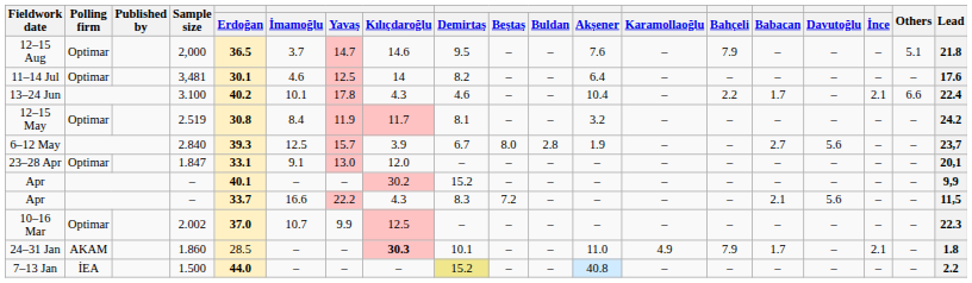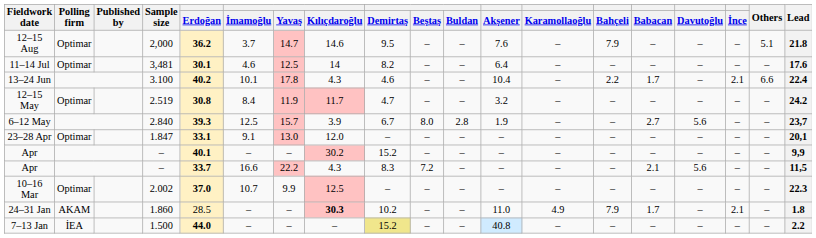 <table class="wikitable mw-datatable mw-collapsible" style="text-align:center; font-size:85%; line-height:14px;">
 <tr>
 <th rowspan="2">Fieldwork date</th>
 <th rowspan="2">Polling firm</th>
 <th rowspan="2">Published by</th>
 <th rowspan="2">Sample size</th>
 <th style="background:"></th>
 <th colspan="3" style="background:"></th>
 <th colspan="3" style="background:"></th>
 <th style="background:"></th>
 <th style="background:"></th>
 <th style="background:"></th>
 <th style="background:"></th>
 <th style="background:"></th>
 <th style="background:"></th>
 <th rowspan="2">Others</th>
 <th rowspan="2">Lead</th>
 </tr>
 <tr>
 <th><a href='#'>Erdoğan</a><br></th>
 <th><a href='#'>İmamoğlu</a><br></th>
 <th><a href='#'>Yavaş</a><br></th>
 <th><a href='#'>Kılıçdaroğlu</a><br></th>
 <th><a href='#'>Demirtaş</a><br></th>
 <th><a href='#'>Beştaş</a><br></th>
 <th><a href='#'>Buldan</a><br></th>
 <th><a href='#'>Akşener</a><br></th>
 <th><a href='#'>Karamollaoğlu</a><br></th>
 <th><a href='#'>Bahçeli</a><br></th>
 <th><a href='#'>Babacan</a><br></th>
 <th><a href='#'>Davutoğlu</a><br></th>
 <th><a href='#'>İnce</a><br></th>
 </tr>
 <tr>
 <td>12–15 Aug</td>
 <td>Optimar</td>
 <td></td>
 <td>2,000</td>
-<td style="background:#FFF1C4"><strong>36.5</strong></td>
+<td style="background:#FFF1C4"><strong>36.2</strong></td>
 <td>3.7</td>
 <td style="background:#FFC2C2">14.7</td>
 <td>14.6</td>
 <td>9.5</td>
 <td>–</td>
 <td>–</td>
 <td>7.6</td>
 <td>–</td>
 <td>7.9</td>
 <td>–</td>
 <td>–</td>
 <td>–</td>
 <td>5.1</td>
 <th style="background:">21.8</th>
 </tr>
 <tr>
 <td>11–14 Jul</td>
 <td>Optimar</td>
 <td></td>
 <td>3,481</td>
 <td style="background:#FFF1C4"><strong>30.1</strong></td>
 <td>4.6</td>
 <td style="background:#FFC2C2">12.5</td>
 <td>14</td>
 <td>8.2</td>
 <td>–</td>
 <td>–</td>
 <td>6.4</td>
 <td>–</td>
 <td>–</td>
 <td>–</td>
 <td>–</td>
 <td>–</td>
 <td>–</td>
 <th style="background:">17.6</th>
 </tr>
 <tr>
 <td>13–24 Jun</td>
 <td colspan="2"></td>
 <td>3.100</td>
 <td style="background:#FFF1C4"><strong>40.2</strong></td>
 <td>10.1</td>
 <td style="background:#FFC2C2">17.8</td>
 <td>4.3</td>
 <td>4.6</td>
 <td>–</td>
 <td>–</td>
 <td>10.4</td>
 <td>–</td>
 <td>2.2</td>
 <td>1.7</td>
 <td>–</td>
 <td>2.1</td>
 <td>6.6</td>
 <th style="background:">22.4</th>
 </tr>
 <tr>
 <td>12–15 May</td>
 <td>Optimar</td>
 <td></td>
 <td>2.519</td>
 <td style="background:#FFF1C4"><strong>30.8</strong></td>
 <td>8.4</td>
 <td style="background:#FFC2C2">11.9</td>
 <td style="background:#FFC2C2">11.7</td>
-<td>8.1</td>
+<td>4.7</td>
 <td>–</td>
 <td>–</td>
 <td>3.2</td>
 <td>–</td>
 <td>–</td>
 <td>–</td>
 <td>–</td>
 <td>–</td>
 <td>–</td>
 <th style="background:">24.2</th>
 </tr>
 <tr>
 <td>6–12 May</td>
 <td colspan="2"></td>
 <td>2.840</td>
 <td style="background:#FFF1C4"><strong>39.3</strong></td>
 <td>12.5</td>
 <td style="background:#FFC2C2">15.7</td>
 <td>3.9</td>
 <td>6.7</td>
 <td>8.0</td>
 <td>2.8</td>
 <td>1.9</td>
 <td>–</td>
 <td>–</td>
 <td>2.7</td>
 <td>5.6</td>
 <td>–</td>
 <td>–</td>
 <th style="background:">23,7</th>
 </tr>
 <tr>
 <td>23–28 Apr</td>
 <td>Optimar</td>
 <td></td>
 <td>1.847</td>
 <td style="background:#FFF1C4"><strong>33.1</strong></td>
 <td>9.1</td>
 <td style="background:#FFC2C2">13.0</td>
 <td>12.0</td>
 <td>–</td>
 <td>–</td>
 <td>–</td>
 <td>–</td>
 <td>–</td>
 <td>–</td>
 <td>–</td>
 <td>–</td>
 <td>–</td>
 <td>–</td>
 <th style="background:">20,1</th>
 </tr>
 <tr>
 <td>Apr</td>
 <td colspan="2"></td>
 <td>–</td>
 <td style="background:#FFF1C4"><strong>40.1</strong></td>
 <td>–</td>
 <td>–</td>
 <td style="background:#FFC2C2">30.2</td>
 <td>15.2</td>
 <td>–</td>
 <td>–</td>
 <td>–</td>
 <td>–</td>
 <td>–</td>
 <td>–</td>
 <td>–</td>
 <td>–</td>
 <td>–</td>
 <th style="background:">9,9</th>
 </tr>
 <tr>
 <td>Apr</td>
 <td colspan="2"></td>
 <td>–</td>
 <td style="background:#FFF1C4"><strong>33.7</strong></td>
 <td>16.6</td>
 <td style="background:#FFC2C2">22.2</td>
 <td>4.3</td>
 <td>8.3</td>
 <td>7.2</td>
 <td>–</td>
 <td>–</td>
 <td>–</td>
 <td>–</td>
 <td>2.1</td>
 <td>5.6</td>
 <td>–</td>
 <td>–</td>
 <th style="background:">11,5</th>
 </tr>
 <tr>
 <td>10–16 Mar</td>
 <td>Optimar</td>
 <td></td>
 <td>2.002</td>
 <td style="background:#FFF1C4"><strong>37.0</strong></td>
 <td>10.7</td>
 <td>9.9</td>
 <td style="background:#FFC2C2">12.5</td>
 <td>–</td>
 <td>–</td>
 <td>–</td>
 <td>–</td>
 <td>–</td>
 <td>–</td>
 <td>–</td>
 <td>–</td>
 <td>–</td>
 <td>–</td>
 <th style="background:">22.3</th>
 </tr>
 <tr>
 <td>24–31 Jan</td>
 <td>AKAM</td>
 <td></td>
 <td>1.860</td>
 <td style="background:#FFF1C4">28.5</td>
 <td>–</td>
 <td>–</td>
 <td style="background:#FFC2C2"><strong>30.3</strong></td>
-<td>10.1</td>
+<td>10.2</td>
 <td>–</td>
 <td>–</td>
 <td>11.0</td>
 <td>4.9</td>
 <td>7.9</td>
 <td>1.7</td>
 <td>–</td>
 <td>2.1</td>
 <td>–</td>
 <th style="background:">1.8</th>
 </tr>
 <tr>
 <td>7–13 Jan</td>
 <td>İEA</td>
 <td></td>
 <td>1.500</td>
 <td style="background:#FFF1C4"><strong>44.0</strong></td>
 <td>–</td>
 <td>–</td>
 <td>–</td>
 <td style="background: khaki;">15.2</td>
 <td>–</td>
 <td>–</td>
 <td style="background:#D0EBFF">40.8</td>
 <td>–</td>
 <td>–</td>
 <td>–</td>
 <td>–</td>
 <td>–</td>
 <td>–</td>
 <th style="background:">2.2</th>
 </tr>
 </table>
